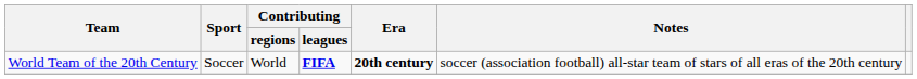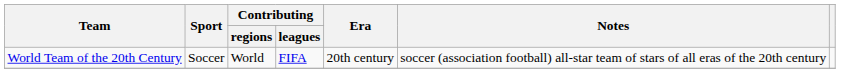 <table class=wikitable>
 <tr>
 <th rowspan=2>Team</th>
 <th rowspan=2>Sport</th>
 <th colspan=2>Contributing</th>
 <th rowspan=2>Era</th>
 <th rowspan=2>Notes</th>
 <th rowspan=2></th>
 </tr>
 <tr>
 <th>regions</th>
 <th>leagues</th>
 </tr>
 <tr>
 <td><a href='#'>World Team of the 20th Century</a></td>
 <td>Soccer</td>
 <td>World</td>
-<td><strong><a href='#'>FIFA</a></strong></td>
-<td><strong>20th century</strong></td>
+<td><a href='#'>FIFA</a></td>
+<td>20th century</td>
 <td>soccer (association football) all-star team of stars of all eras of the 20th century</td>
 <td></td>
 </tr>
 <tr>
 </tr>
 </table>
